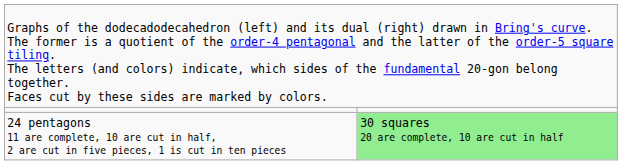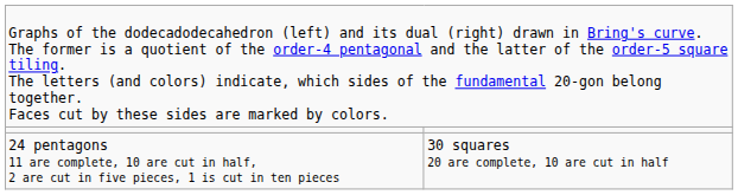 <table class="wikitable" style="width: 620px; font-size: 90%;">
 <tr>
 <td colspan="2"><br>Graphs of the dodecadodecahedron (left) and its dual (right) drawn in <a href='#'>Bring's curve</a>.<br> The former is a quotient of the <a href='#'>order-4 pentagonal</a> and the latter of the <a href='#'>order-5 square tiling</a>.<br> The letters (and colors) indicate, which sides of the <a href='#'>fundamental</a> 20-gon belong together.<br> Faces cut by these sides are marked by colors.</td>
 </tr>
 <tr>
 <td></td>
 <td></td>
 </tr>
 <tr style="vertical-align: top;">
 <td>24 pentagons<br><small>11 are complete, 10 are cut in half,<br>2 are cut in five pieces, 1 is cut in ten pieces</small></td>
-<td style="background: lightgreen;">30 squares<br><small>20 are complete, 10 are cut in half</small></td>
+<td>30 squares<br><small>20 are complete, 10 are cut in half</small></td>
 </tr>
 </table>
